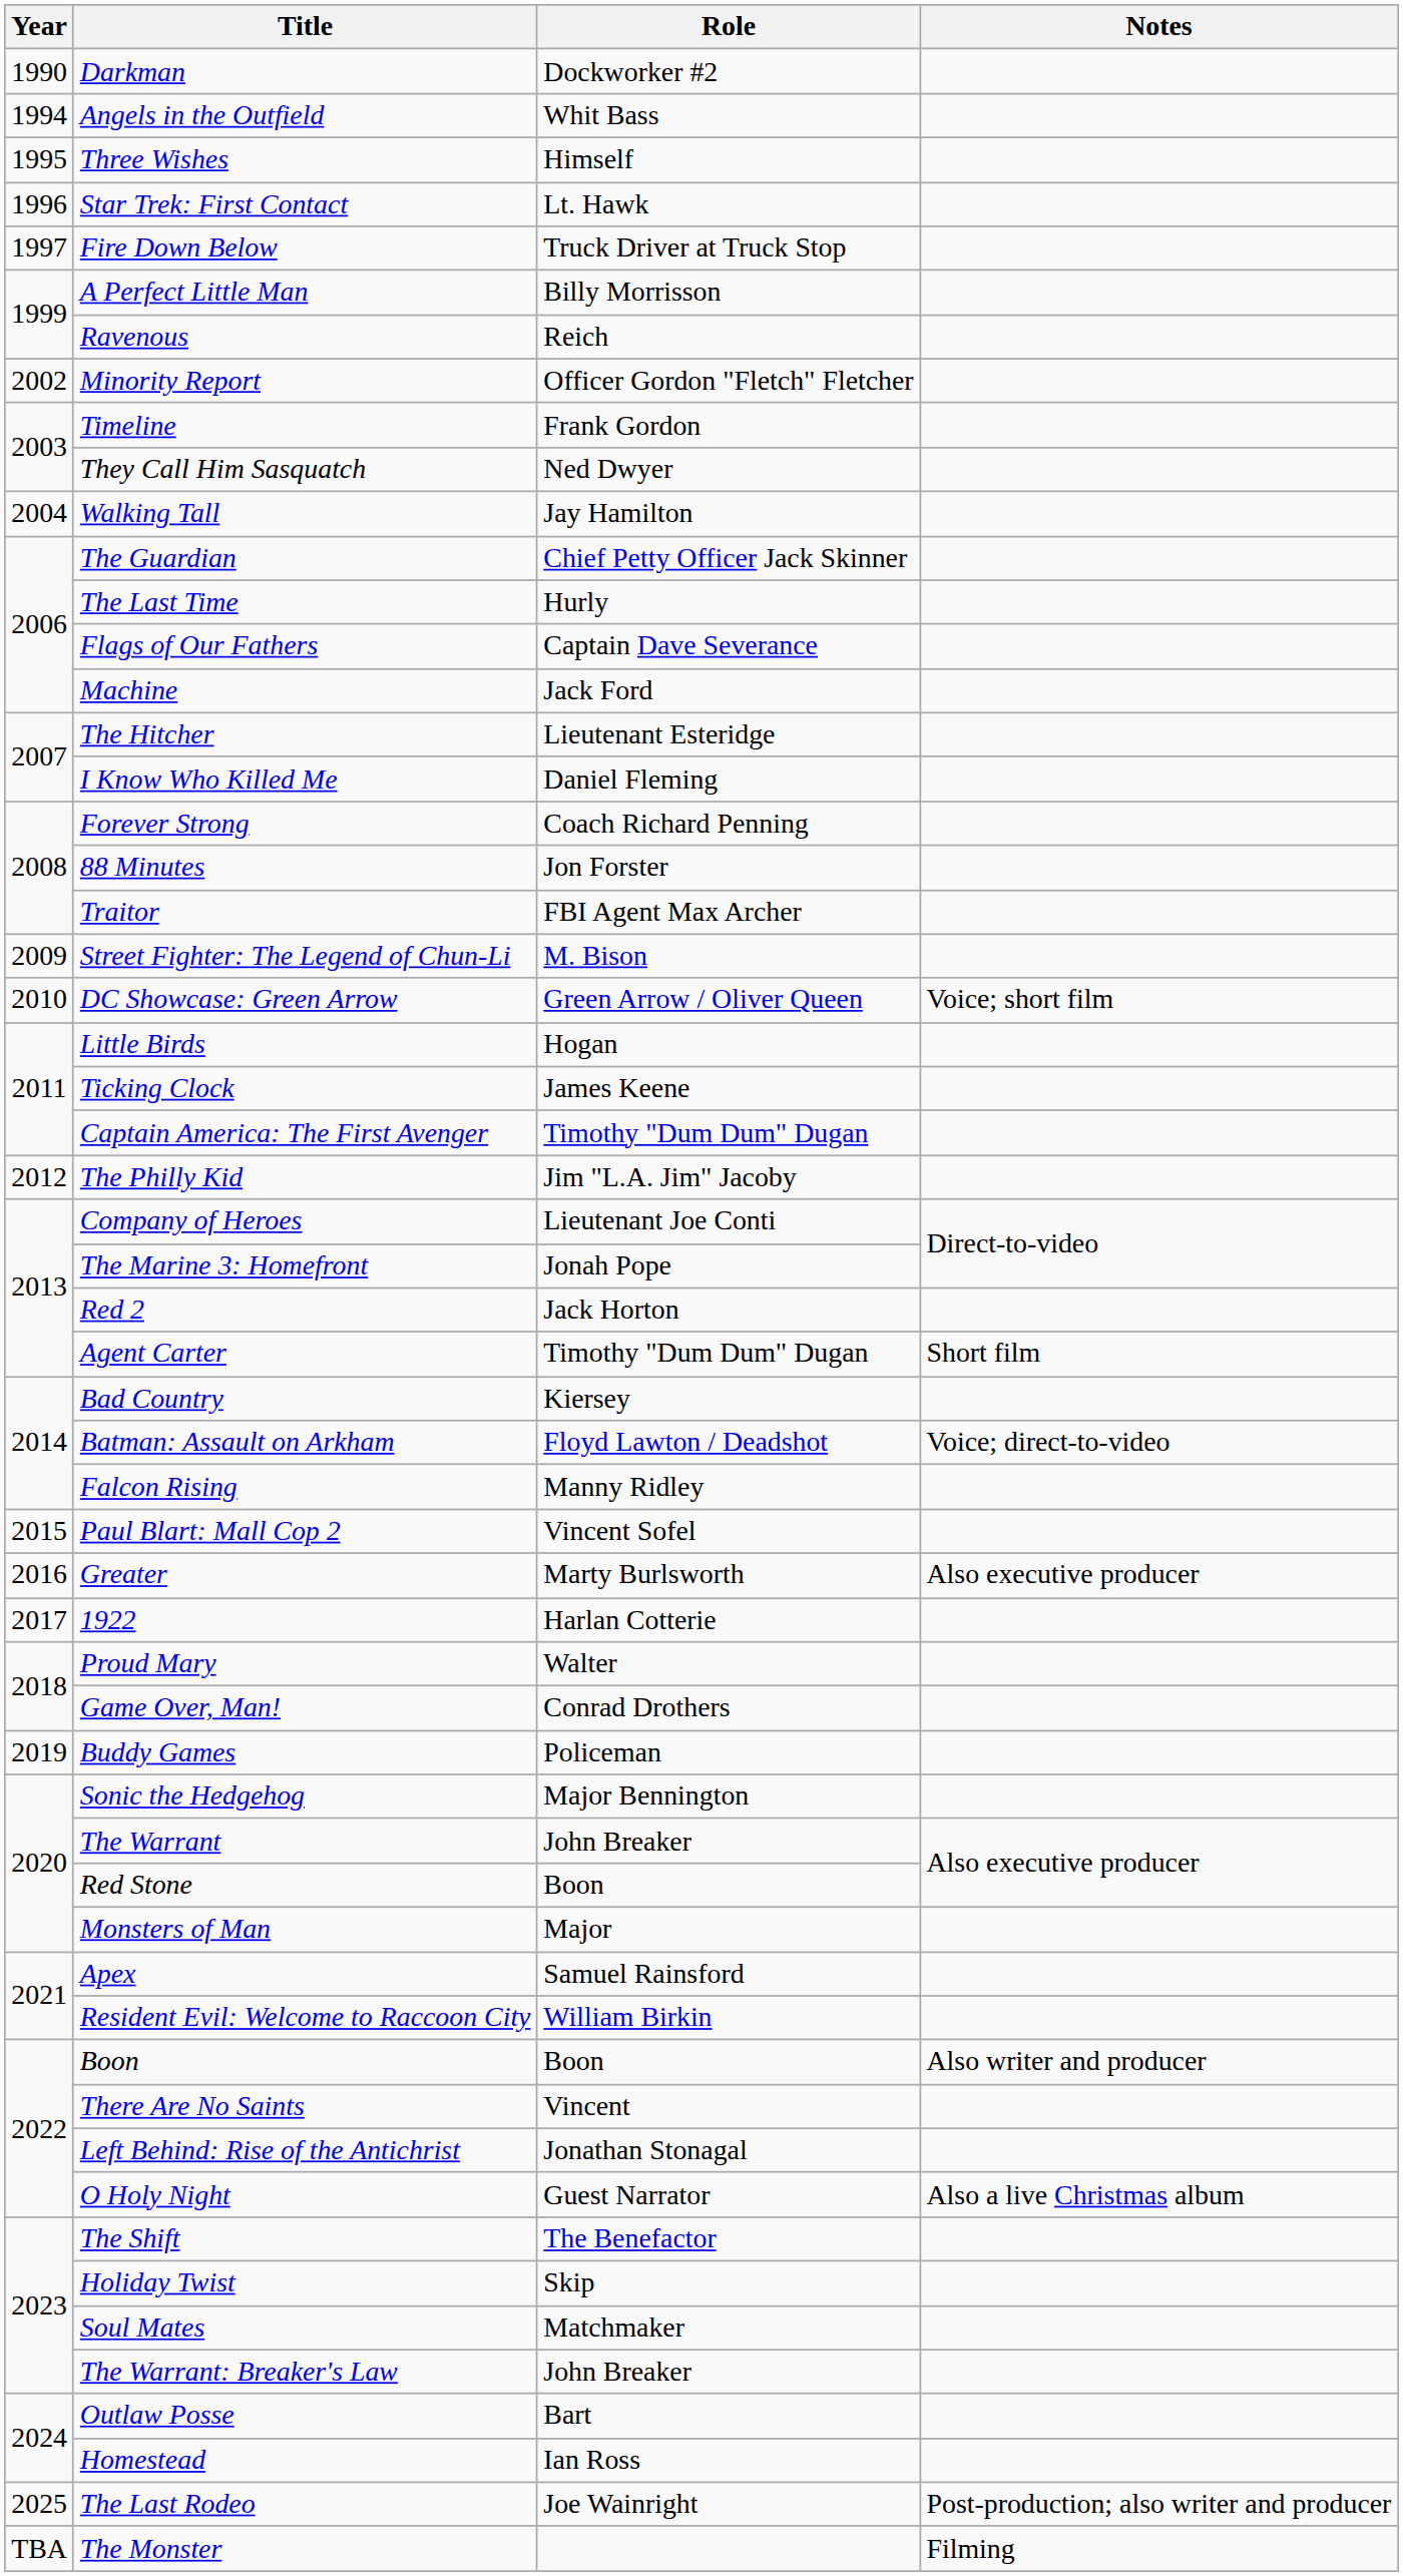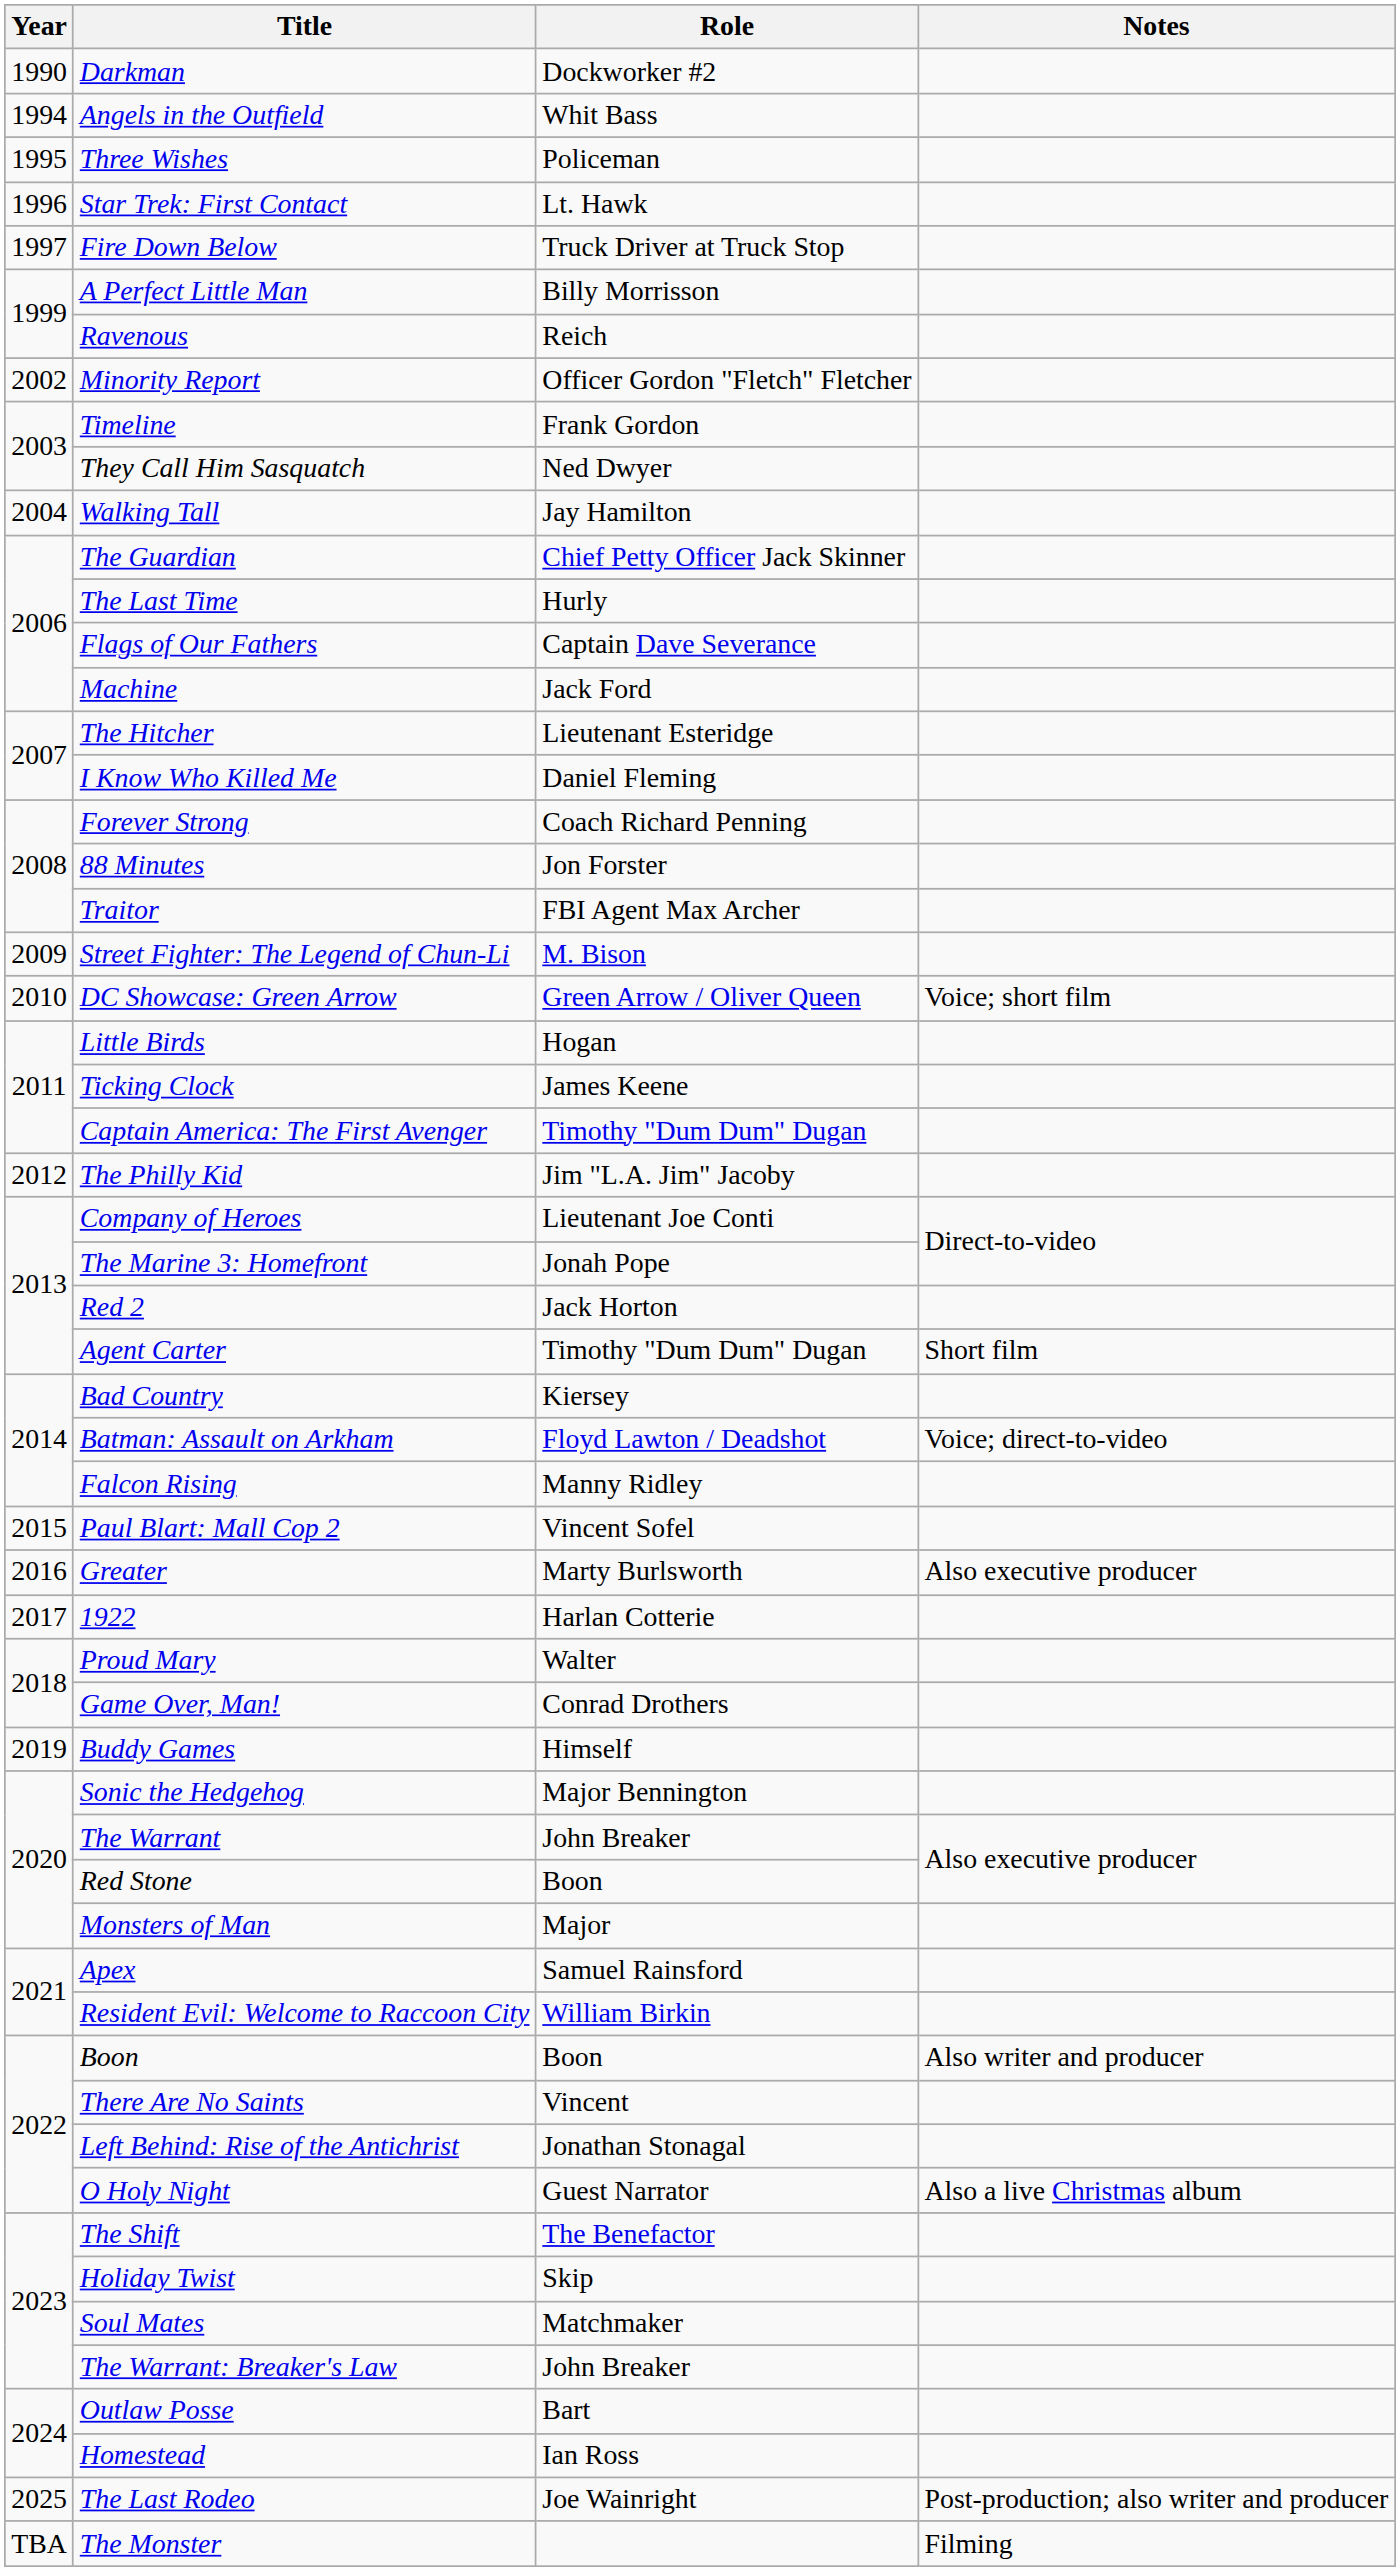 <table class="wikitable sortable plainrowheaders">
 <tr>
 <th scope="col">Year</th>
 <th scope="col">Title</th>
 <th scope="col">Role</th>
 <th scope="col" class="unsortable">Notes</th>
 </tr>
 <tr>
 <td align="center">1990</td>
 <td scope="row"><em><a href='#'>Darkman</a></em></td>
 <td>Dockworker #2</td>
 <td></td>
 </tr>
 <tr>
 <td align="center">1994</td>
 <td scope="row"><em><a href='#'>Angels in the Outfield</a></em></td>
 <td>Whit Bass</td>
 <td></td>
 </tr>
 <tr>
 <td align="center">1995</td>
 <td scope="row"><em><a href='#'>Three Wishes</a></em></td>
-<td>Himself</td>
+<td>Policeman</td>
 <td></td>
 </tr>
 <tr>
 <td align="center">1996</td>
 <td scope="row"><em><a href='#'>Star Trek: First Contact</a></em></td>
 <td>Lt. Hawk</td>
 <td></td>
 </tr>
 <tr>
 <td align="center">1997</td>
 <td scope="row"><em><a href='#'>Fire Down Below</a></em></td>
 <td>Truck Driver at Truck Stop</td>
 <td></td>
 </tr>
 <tr>
 <td align="center" rowspan="2">1999</td>
 <td scope="row"><em><a href='#'>A Perfect Little Man</a></em></td>
 <td>Billy Morrisson</td>
 <td></td>
 </tr>
 <tr>
 <td scope="row"><em><a href='#'>Ravenous</a></em></td>
 <td>Reich</td>
 <td></td>
 </tr>
 <tr>
 <td align="center">2002</td>
 <td scope="row"><em><a href='#'>Minority Report</a></em></td>
 <td>Officer Gordon "Fletch" Fletcher</td>
 <td></td>
 </tr>
 <tr>
 <td align="center" rowspan="2">2003</td>
 <td scope="row"><em><a href='#'>Timeline</a></em></td>
 <td>Frank Gordon</td>
 <td></td>
 </tr>
 <tr>
 <td scope="row"><em>They Call Him Sasquatch</em></td>
 <td>Ned Dwyer</td>
 <td></td>
 </tr>
 <tr>
 <td align="center">2004</td>
 <td scope="row"><em><a href='#'>Walking Tall</a></em></td>
 <td>Jay Hamilton</td>
 <td></td>
 </tr>
 <tr>
 <td align="center" rowspan="4">2006</td>
 <td scope="row"><em><a href='#'>The Guardian</a></em></td>
 <td><a href='#'>Chief Petty Officer</a>  Jack Skinner</td>
 <td></td>
 </tr>
 <tr>
 <td scope="row"><em><a href='#'>The Last Time</a></em></td>
 <td>Hurly</td>
 <td></td>
 </tr>
 <tr>
 <td scope="row"><em><a href='#'>Flags of Our Fathers</a></em></td>
 <td>Captain <a href='#'>Dave Severance</a></td>
 <td></td>
 </tr>
 <tr>
 <td scope="row"><em><a href='#'>Machine</a></em></td>
 <td>Jack Ford</td>
 <td></td>
 </tr>
 <tr>
 <td align="center" rowspan="2">2007</td>
 <td scope="row"><em><a href='#'>The Hitcher</a></em></td>
 <td>Lieutenant Esteridge</td>
 <td></td>
 </tr>
 <tr>
 <td scope="row"><em><a href='#'>I Know Who Killed Me</a></em></td>
 <td>Daniel Fleming</td>
 <td></td>
 </tr>
 <tr>
 <td align="center" rowspan="3">2008</td>
 <td scope="row"><em><a href='#'>Forever Strong</a></em></td>
 <td>Coach Richard Penning</td>
 <td></td>
 </tr>
 <tr>
 <td scope="row"><em><a href='#'>88 Minutes</a></em></td>
 <td>Jon Forster</td>
 <td></td>
 </tr>
 <tr>
 <td scope="row"><em><a href='#'>Traitor</a></em></td>
 <td>FBI Agent Max Archer</td>
 <td></td>
 </tr>
 <tr>
 <td align="center">2009</td>
 <td scope="row"><em><a href='#'>Street Fighter: The Legend of Chun-Li</a></em></td>
 <td><a href='#'>M. Bison</a></td>
 <td></td>
 </tr>
 <tr>
 <td align="center">2010</td>
 <td scope="row"><em><a href='#'>DC Showcase: Green Arrow</a></em></td>
 <td><a href='#'>Green Arrow / Oliver Queen</a></td>
 <td>Voice; short film</td>
 </tr>
 <tr>
 <td align="center" rowspan="3">2011</td>
 <td scope="row"><em><a href='#'>Little Birds</a></em></td>
 <td>Hogan</td>
 <td></td>
 </tr>
 <tr>
 <td scope="row"><em><a href='#'>Ticking Clock</a></em></td>
 <td>James Keene</td>
 <td></td>
 </tr>
 <tr>
 <td scope="row"><em><a href='#'>Captain America: The First Avenger</a></em></td>
 <td><a href='#'>Timothy "Dum Dum" Dugan</a></td>
 <td></td>
 </tr>
 <tr>
 <td align="center">2012</td>
 <td scope="row"><em><a href='#'>The Philly Kid</a></em></td>
 <td>Jim "L.A. Jim" Jacoby</td>
 <td></td>
 </tr>
 <tr>
 <td align="center" rowspan="4">2013</td>
 <td scope="row"><em><a href='#'>Company of Heroes</a></em></td>
 <td>Lieutenant Joe Conti</td>
 <td rowspan="2">Direct-to-video</td>
 </tr>
 <tr>
 <td scope="row"><em><a href='#'>The Marine 3: Homefront</a></em></td>
 <td>Jonah Pope</td>
 </tr>
 <tr>
 <td scope="row"><em><a href='#'>Red 2</a></em></td>
 <td>Jack Horton</td>
 <td></td>
 </tr>
 <tr>
 <td scope="row"><em><a href='#'>Agent Carter</a></em></td>
 <td>Timothy "Dum Dum" Dugan</td>
 <td>Short film</td>
 </tr>
 <tr>
 <td align="center" rowspan="3">2014</td>
 <td scope="row"><em><a href='#'>Bad Country</a></em></td>
 <td>Kiersey</td>
 <td></td>
 </tr>
 <tr>
 <td scope="row"><em><a href='#'>Batman: Assault on Arkham</a></em></td>
 <td><a href='#'>Floyd Lawton / Deadshot</a></td>
 <td>Voice; direct-to-video</td>
 </tr>
 <tr>
 <td scope="row"><em><a href='#'>Falcon Rising</a></em></td>
 <td>Manny Ridley</td>
 <td></td>
 </tr>
 <tr>
 <td align="center">2015</td>
 <td scope="row"><em><a href='#'>Paul Blart: Mall Cop 2</a></em></td>
 <td>Vincent Sofel</td>
 <td></td>
 </tr>
 <tr>
 <td align="center">2016</td>
 <td scope="row"><em><a href='#'>Greater</a></em></td>
 <td>Marty Burlsworth</td>
 <td>Also executive producer</td>
 </tr>
 <tr>
 <td align="center">2017</td>
 <td scope="row"><em><a href='#'>1922</a></em></td>
 <td>Harlan Cotterie</td>
 <td></td>
 </tr>
 <tr>
 <td align="center" rowspan="2">2018</td>
 <td scope="row"><em><a href='#'>Proud Mary</a></em></td>
 <td>Walter</td>
 <td></td>
 </tr>
 <tr>
 <td scope="row"><em><a href='#'>Game Over, Man!</a></em></td>
 <td>Conrad Drothers</td>
 <td></td>
 </tr>
 <tr>
 <td align="center">2019</td>
 <td scope="row"><em><a href='#'>Buddy Games</a></em></td>
-<td>Policeman</td>
+<td>Himself</td>
 <td></td>
 </tr>
 <tr>
 <td rowspan="4" align="center">2020</td>
 <td scope="row"><em><a href='#'>Sonic the Hedgehog</a></em></td>
 <td>Major Bennington</td>
 <td></td>
 </tr>
 <tr>
 <td><em><a href='#'>The Warrant</a></em></td>
 <td>John Breaker</td>
 <td rowspan="2">Also executive producer</td>
 </tr>
 <tr>
 <td><em>Red Stone</em></td>
 <td>Boon</td>
 </tr>
 <tr>
 <td><em><a href='#'>Monsters of Man</a></em></td>
 <td>Major</td>
 <td></td>
 </tr>
 <tr>
 <td align="center" rowspan="2">2021</td>
 <td><em><a href='#'>Apex</a></em></td>
 <td>Samuel Rainsford</td>
 <td></td>
 </tr>
 <tr>
 <td><em><a href='#'>Resident Evil: Welcome to Raccoon City</a></em></td>
 <td><a href='#'>William Birkin</a></td>
 <td></td>
 </tr>
 <tr>
 <td align="center" rowspan="4">2022</td>
 <td><em>Boon</em></td>
 <td>Boon</td>
 <td>Also writer and producer</td>
 </tr>
 <tr>
 <td><em><a href='#'>There Are No Saints</a></em></td>
 <td>Vincent</td>
 <td></td>
 </tr>
 <tr>
 <td><em><a href='#'>Left Behind: Rise of the Antichrist</a></em></td>
 <td>Jonathan Stonagal</td>
 <td></td>
 </tr>
 <tr>
 <td><em><a href='#'>O Holy Night</a></em></td>
 <td>Guest Narrator</td>
 <td>Also a live <a href='#'>Christmas</a> album</td>
 </tr>
 <tr>
 <td rowspan="4" align="center">2023</td>
 <td><em><a href='#'>The Shift</a></em></td>
 <td><a href='#'>The Benefactor</a></td>
 <td></td>
 </tr>
 <tr>
 <td><em><a href='#'>Holiday Twist</a></em></td>
 <td>Skip</td>
 <td></td>
 </tr>
 <tr>
 <td><em><a href='#'>Soul Mates</a></em></td>
 <td>Matchmaker</td>
 <td></td>
 </tr>
 <tr>
 <td><em><a href='#'>The Warrant: Breaker's Law</a></em></td>
 <td>John Breaker</td>
 <td></td>
 </tr>
 <tr>
 <td rowspan="2" align="center">2024</td>
 <td><em><a href='#'>Outlaw Posse</a></em></td>
 <td>Bart</td>
 <td></td>
 </tr>
 <tr>
 <td><em><a href='#'>Homestead</a></em></td>
 <td>Ian Ross</td>
 <td></td>
 </tr>
 <tr>
 <td align="center">2025</td>
 <td><em><a href='#'>The Last Rodeo</a></em></td>
 <td>Joe Wainright</td>
 <td>Post-production; also writer and producer</td>
 </tr>
 <tr>
 <td align="center">TBA</td>
 <td><em><a href='#'>The Monster</a></em></td>
 <td></td>
 <td>Filming</td>
 </tr>
 </table>
